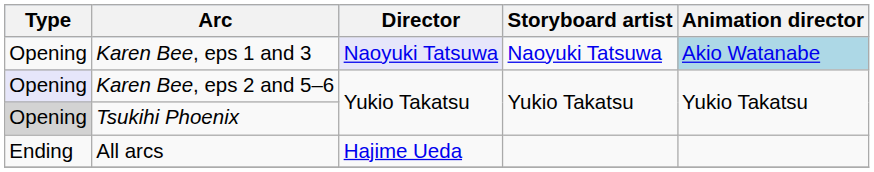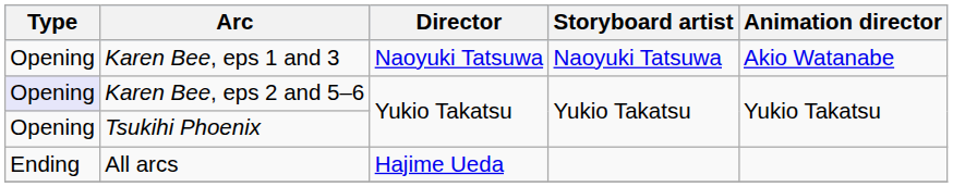 <table class="wikitable">
 <tr style="background:#b0c4de; text-align:center;">
 <th>Type</th>
 <th>Arc</th>
 <th>Director</th>
 <th>Storyboard artist</th>
 <th>Animation director</th>
 </tr>
 <tr>
 <td>Opening</td>
 <td><em>Karen Bee</em>, eps 1 and 3</td>
-<td style="background: lavender;"><a href='#'>Naoyuki Tatsuwa</a></td>
 <td><a href='#'>Naoyuki Tatsuwa</a></td>
-<td style="background: lightblue;"><a href='#'>Akio Watanabe</a></td>
+<td><a href='#'>Naoyuki Tatsuwa</a></td>
+<td><a href='#'>Akio Watanabe</a></td>
 </tr>
 <tr>
 <td style="background: lavender;">Opening</td>
 <td><em>Karen Bee</em>, eps 2 and 5–6</td>
 <td rowspan="2">Yukio Takatsu</td>
 <td rowspan="2">Yukio Takatsu</td>
 <td rowspan="2">Yukio Takatsu</td>
 </tr>
 <tr>
-<td style="background: lightgrey;">Opening</td>
+<td>Opening</td>
 <td><em>Tsukihi Phoenix</em></td>
 </tr>
 <tr>
 <td>Ending</td>
 <td>All arcs</td>
 <td><a href='#'>Hajime Ueda</a></td>
 <td></td>
 <td></td>
 </tr>
 <tr>
 </tr>
 </table>
